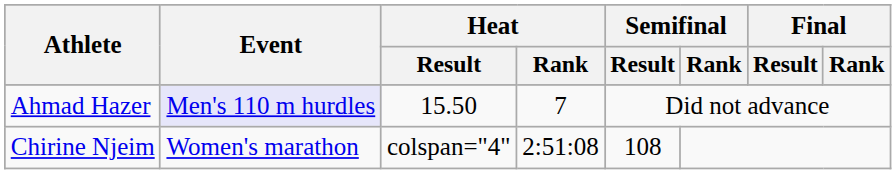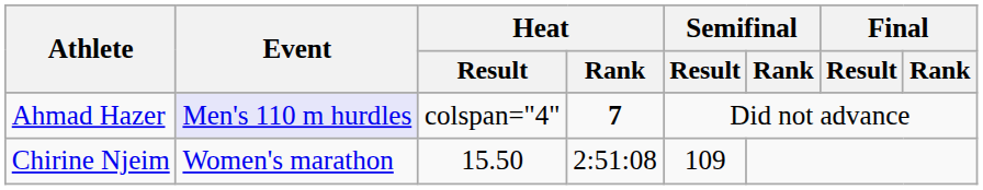 <table class="wikitable" style="font-size:90%">
 <tr>
 <th rowspan="2">Athlete</th>
 <th rowspan="2">Event</th>
 <th colspan="2">Heat</th>
 <th colspan="2">Semifinal</th>
 <th colspan="2">Final</th>
 </tr>
 <tr style="font-size:95%">
 <th>Result</th>
 <th>Rank</th>
 <th>Result</th>
 <th>Rank</th>
 <th>Result</th>
 <th>Rank</th>
 </tr>
 <tr align=center>
 <td align=left><a href='#'>Ahmad Hazer</a></td>
 <td align=left style="background: lavender;"><a href='#'>Men's 110 m hurdles</a></td>
-<td>15.50</td>
-<td>7</td>
+<td>colspan="4" </td>
+<td><strong>7</strong></td>
 <td colspan=4>Did not advance</td>
 </tr>
 <tr align=center>
 <td align=left><a href='#'>Chirine Njeim</a></td>
 <td align=left><a href='#'>Women's marathon</a></td>
-<td>colspan="4" </td>
+<td>15.50</td>
 <td>2:51:08</td>
-<td>108</td>
+<td>109</td>
 </tr>
 </table>
